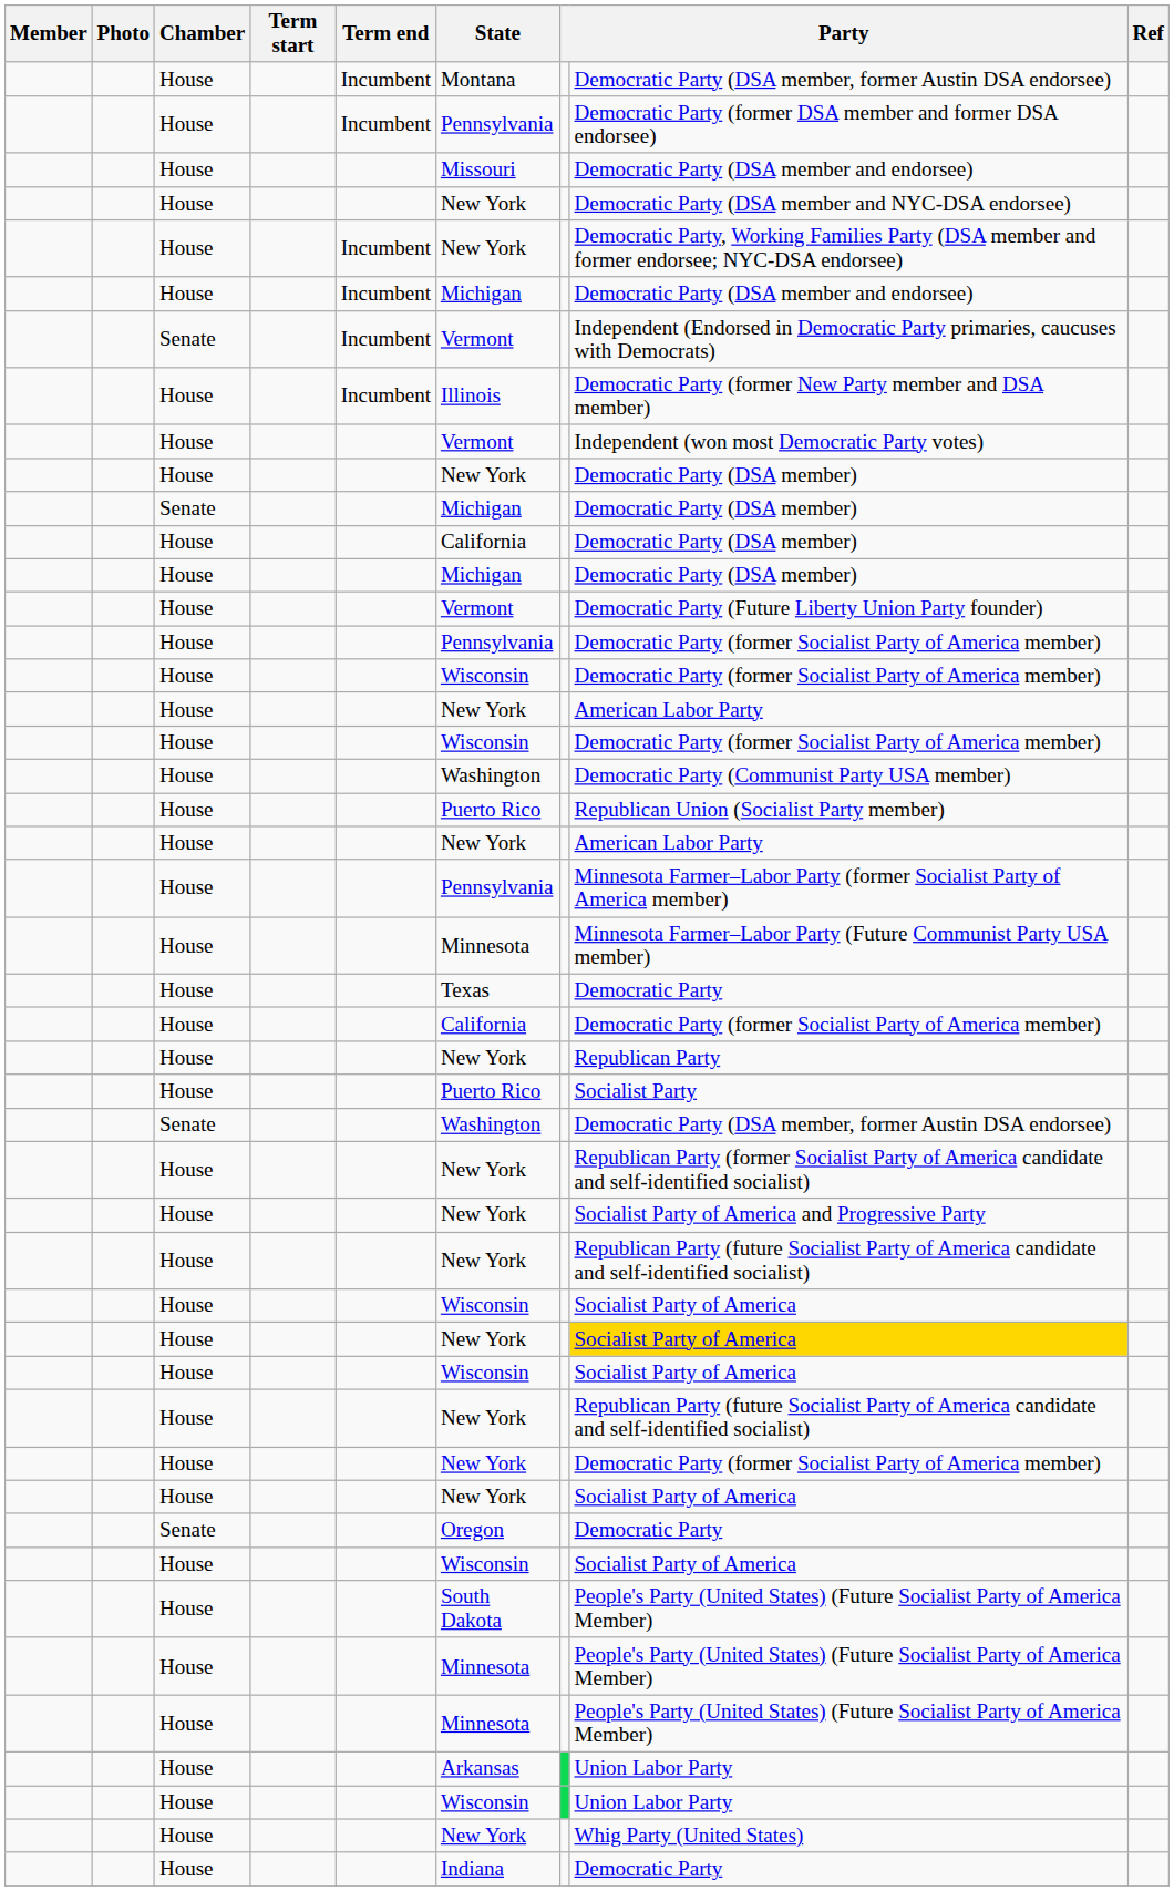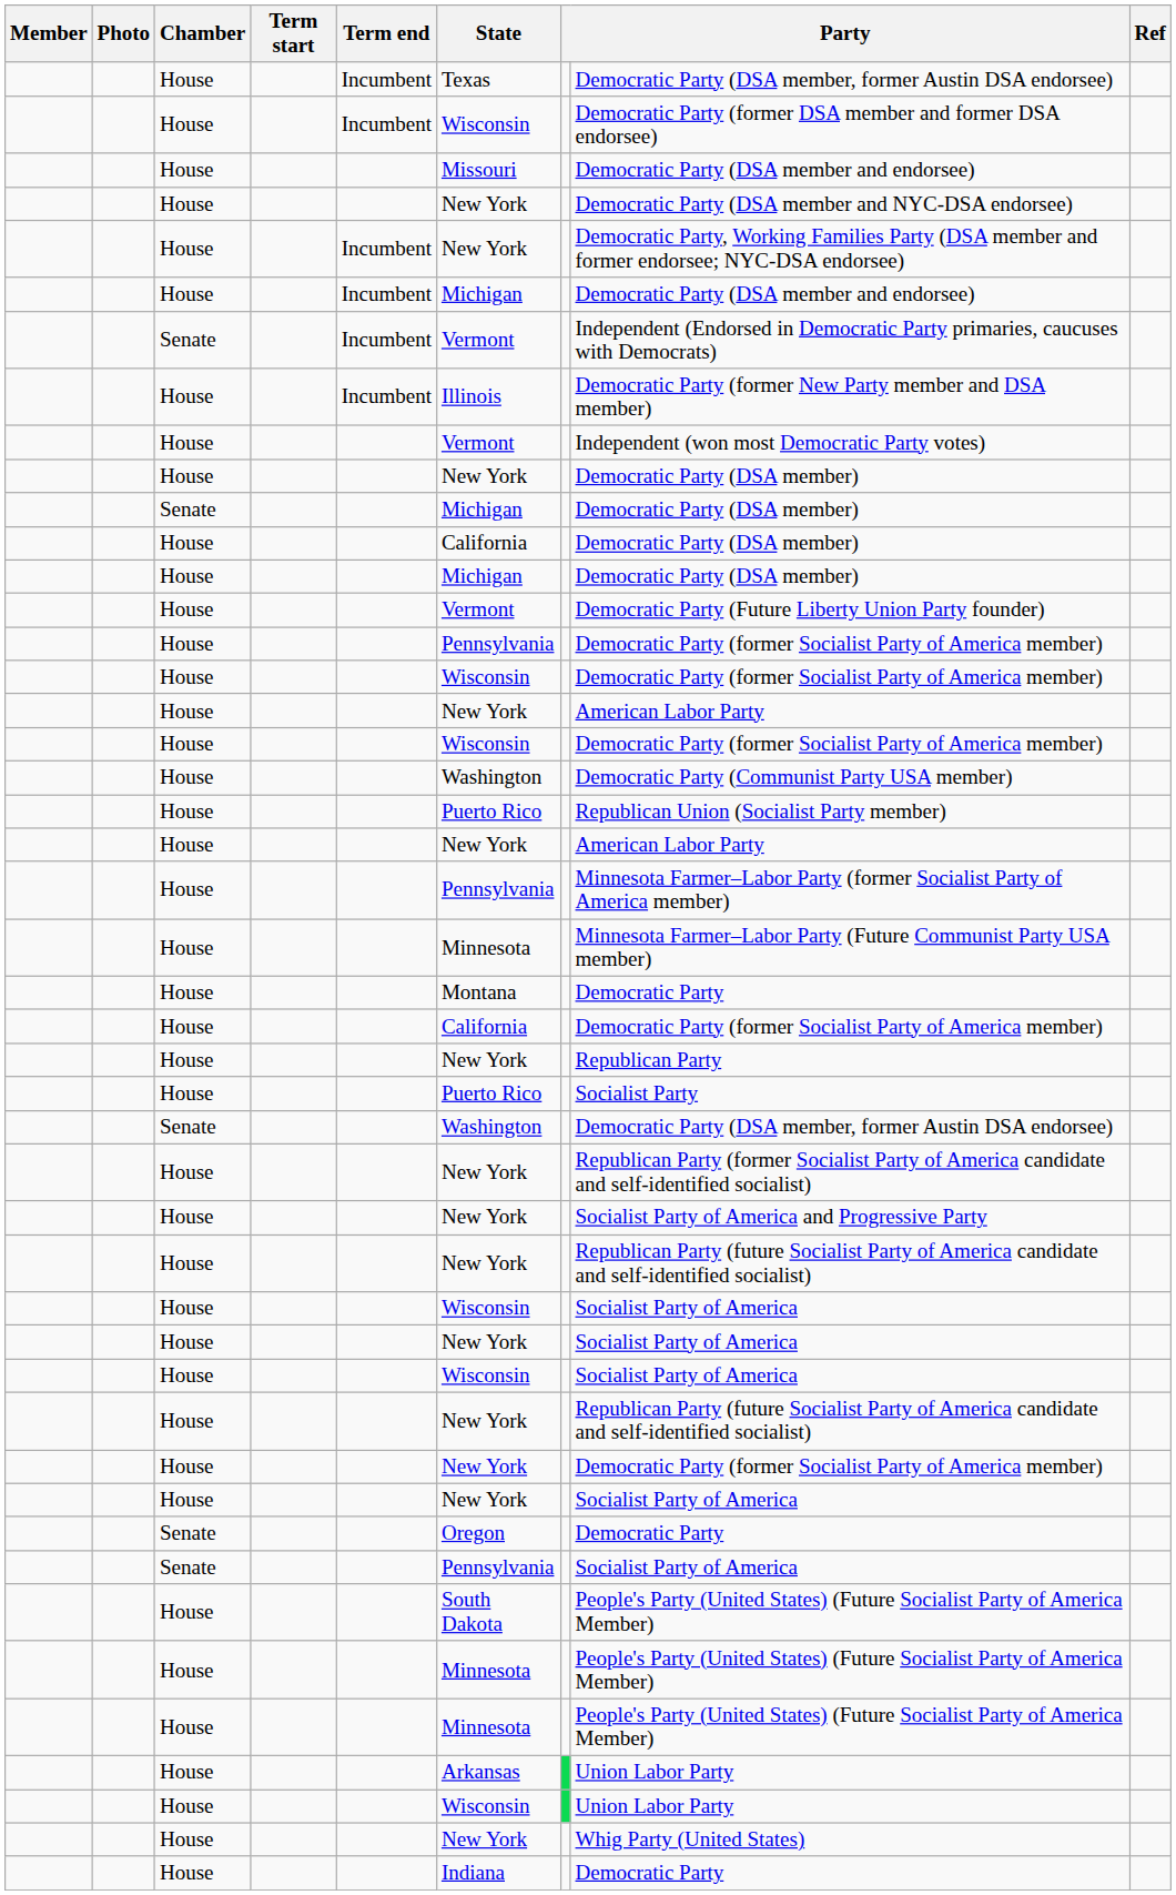 <table class="wikitable sortable" width=100%>
 <tr>
 <th>Member</th>
 <th class=unsortable cellspacing=0px>Photo</th>
 <th>Chamber</th>
 <th>Term start</th>
 <th>Term end</th>
 <th>State</th>
 <th scope="col" colspan=2>Party</th>
 <th>Ref</th>
 </tr>
 <tr>
 <td></td>
 <td></td>
 <td>House</td>
 <td></td>
 <td>Incumbent</td>
-<td>Montana</td>
+<td>Texas</td>
 <td style="background-color:"></td>
 <td><a href='#'>Democratic Party</a> (<a href='#'>DSA</a> member, former Austin DSA endorsee)</td>
 <td></td>
 </tr>
 <tr>
 <td></td>
 <td></td>
 <td>House</td>
 <td></td>
 <td>Incumbent</td>
-<td><a href='#'>Pennsylvania</a></td>
+<td><a href='#'>Wisconsin</a></td>
 <td style="background-color:"></td>
 <td><a href='#'>Democratic Party</a> (former <a href='#'>DSA</a> member and former DSA endorsee)</td>
 <td></td>
 </tr>
 <tr>
 <td></td>
 <td></td>
 <td>House</td>
 <td></td>
 <td></td>
 <td><a href='#'>Missouri</a></td>
 <td style="background-color:"></td>
 <td><a href='#'>Democratic Party</a> (<a href='#'>DSA</a> member and endorsee)</td>
 <td></td>
 </tr>
 <tr>
 <td></td>
 <td></td>
 <td>House</td>
 <td></td>
 <td></td>
 <td>New York</td>
 <td style="background-color:"></td>
 <td><a href='#'>Democratic Party</a> (<a href='#'>DSA</a> member and NYC-DSA endorsee)</td>
 <td></td>
 </tr>
 <tr>
 <td></td>
 <td></td>
 <td>House</td>
 <td></td>
 <td>Incumbent</td>
 <td>New York</td>
 <td style="background-color:"></td>
 <td><a href='#'>Democratic Party</a>, <a href='#'>Working Families Party</a> (<a href='#'>DSA</a> member and former endorsee; NYC-DSA endorsee)</td>
 <td></td>
 </tr>
 <tr>
 <td></td>
 <td></td>
 <td>House</td>
 <td></td>
 <td>Incumbent</td>
 <td><a href='#'>Michigan</a></td>
 <td style="background-color:"></td>
 <td><a href='#'>Democratic Party</a> (<a href='#'>DSA</a> member and endorsee)</td>
 <td></td>
 </tr>
 <tr>
 <td></td>
 <td></td>
 <td>Senate</td>
 <td></td>
 <td>Incumbent</td>
 <td><a href='#'>Vermont</a></td>
 <td style="background-color:"></td>
 <td>Independent (Endorsed in <a href='#'>Democratic Party</a> primaries, caucuses with Democrats)</td>
 <td></td>
 </tr>
 <tr>
 <td></td>
 <td></td>
 <td>House</td>
 <td></td>
 <td>Incumbent</td>
 <td><a href='#'>Illinois</a></td>
 <td style="background-color:"></td>
 <td><a href='#'>Democratic Party</a> (former <a href='#'>New Party</a> member and <a href='#'>DSA</a> member)</td>
 <td></td>
 </tr>
 <tr>
 <td></td>
 <td></td>
 <td>House</td>
 <td></td>
 <td></td>
 <td><a href='#'>Vermont</a></td>
 <td style="background-color:"></td>
 <td>Independent (won most <a href='#'>Democratic Party</a> votes)</td>
 <td></td>
 </tr>
 <tr>
 <td></td>
 <td></td>
 <td>House</td>
 <td></td>
 <td></td>
 <td>New York</td>
 <td style="background-color:"></td>
 <td><a href='#'>Democratic Party</a> (<a href='#'>DSA</a> member)</td>
 <td></td>
 </tr>
 <tr>
 <td></td>
 <td></td>
 <td>Senate</td>
 <td></td>
 <td></td>
 <td><a href='#'>Michigan</a></td>
 <td style="background-color:"></td>
 <td><a href='#'>Democratic Party</a> (<a href='#'>DSA</a> member)</td>
 <td></td>
 </tr>
 <tr>
 <td></td>
 <td></td>
 <td>House</td>
 <td></td>
 <td></td>
 <td>California</td>
 <td style="background-color:"></td>
 <td><a href='#'>Democratic Party</a> (<a href='#'>DSA</a> member)</td>
 <td></td>
 </tr>
 <tr>
 <td></td>
 <td></td>
 <td>House</td>
 <td></td>
 <td></td>
 <td><a href='#'>Michigan</a></td>
 <td style="background-color:"></td>
 <td><a href='#'>Democratic Party</a> (<a href='#'>DSA</a> member)</td>
 <td></td>
 </tr>
 <tr>
 <td></td>
 <td></td>
 <td>House</td>
 <td></td>
 <td></td>
 <td><a href='#'>Vermont</a></td>
 <td style="background-color:"></td>
 <td><a href='#'>Democratic Party</a> (Future <a href='#'>Liberty Union Party</a> founder)</td>
 <td></td>
 </tr>
 <tr>
 <td></td>
 <td></td>
 <td>House</td>
 <td></td>
 <td></td>
 <td><a href='#'>Pennsylvania</a></td>
 <td style="background-color:"></td>
 <td><a href='#'>Democratic Party</a> (former <a href='#'>Socialist Party of America</a> member)</td>
 <td></td>
 </tr>
 <tr>
 <td></td>
 <td></td>
 <td>House</td>
 <td></td>
 <td></td>
 <td><a href='#'>Wisconsin</a></td>
 <td style="background-color:"></td>
 <td><a href='#'>Democratic Party</a> (former <a href='#'>Socialist Party of America</a> member)</td>
 <td></td>
 </tr>
 <tr>
 <td></td>
 <td></td>
 <td>House</td>
 <td></td>
 <td></td>
 <td>New York</td>
 <td style="background-color:"></td>
 <td><a href='#'>American Labor Party</a></td>
 <td></td>
 </tr>
 <tr>
 <td></td>
 <td></td>
 <td>House</td>
 <td></td>
 <td></td>
 <td><a href='#'>Wisconsin</a></td>
 <td style="background-color:"></td>
 <td><a href='#'>Democratic Party</a> (former <a href='#'>Socialist Party of America</a> member)</td>
 <td></td>
 </tr>
 <tr>
 <td></td>
 <td></td>
 <td>House</td>
 <td></td>
 <td></td>
 <td>Washington</td>
 <td style="background-color:"></td>
 <td><a href='#'>Democratic Party</a> (<a href='#'>Communist Party USA</a> member)</td>
 <td></td>
 </tr>
 <tr>
 <td></td>
 <td></td>
 <td>House</td>
 <td></td>
 <td></td>
 <td><a href='#'>Puerto Rico</a></td>
 <td></td>
 <td><a href='#'>Republican Union</a> (<a href='#'>Socialist Party</a> member)</td>
 <td></td>
 </tr>
 <tr>
 <td></td>
 <td></td>
 <td>House</td>
 <td></td>
 <td></td>
 <td>New York</td>
 <td style="background-color:"></td>
 <td><a href='#'>American Labor Party</a></td>
 <td></td>
 </tr>
 <tr>
 <td></td>
 <td></td>
 <td>House</td>
 <td></td>
 <td></td>
 <td><a href='#'>Pennsylvania</a></td>
 <td style="background-color:"></td>
 <td><a href='#'>Minnesota Farmer–Labor Party</a> (former <a href='#'>Socialist Party of America</a> member)</td>
 <td></td>
 </tr>
 <tr>
 <td></td>
 <td></td>
 <td>House</td>
 <td></td>
 <td></td>
 <td>Minnesota</td>
 <td style="background-color:"></td>
 <td><a href='#'>Minnesota Farmer–Labor Party</a> (Future <a href='#'>Communist Party USA</a> member)</td>
 <td></td>
 </tr>
 <tr>
 <td></td>
 <td></td>
 <td>House</td>
 <td></td>
 <td></td>
-<td>Texas</td>
+<td>Montana</td>
 <td style="background-color:"></td>
 <td><a href='#'>Democratic Party</a></td>
 <td></td>
 </tr>
 <tr>
 <td></td>
 <td></td>
 <td>House</td>
 <td></td>
 <td></td>
 <td><a href='#'>California</a></td>
 <td style="background-color:"></td>
 <td><a href='#'>Democratic Party</a> (former <a href='#'>Socialist Party of America</a> member)</td>
 <td></td>
 </tr>
 <tr>
 <td></td>
 <td></td>
 <td>House</td>
 <td></td>
 <td></td>
 <td>New York</td>
 <td style="background-color:"></td>
 <td><a href='#'>Republican Party</a></td>
 <td></td>
 </tr>
 <tr>
 <td></td>
 <td></td>
 <td>House</td>
 <td></td>
 <td></td>
 <td><a href='#'>Puerto Rico</a></td>
 <td></td>
 <td><a href='#'>Socialist Party</a></td>
 <td></td>
 </tr>
 <tr>
 <td></td>
 <td></td>
 <td>Senate</td>
 <td></td>
 <td></td>
 <td><a href='#'>Washington</a></td>
 <td style="background-color:"></td>
 <td><a href='#'>Democratic Party</a> (<a href='#'>DSA</a> member, former Austin DSA endorsee)</td>
 <td></td>
 </tr>
 <tr>
 <td></td>
 <td></td>
 <td>House</td>
 <td></td>
 <td></td>
 <td>New York</td>
 <td style="background-color:"></td>
 <td><a href='#'>Republican Party</a> (former <a href='#'>Socialist Party of America</a> candidate and self-identified socialist)</td>
 <td></td>
 </tr>
 <tr>
 <td></td>
 <td></td>
 <td>House</td>
 <td></td>
 <td></td>
 <td>New York</td>
 <td style="background-color:"></td>
 <td><a href='#'>Socialist Party of America</a> and <a href='#'>Progressive Party</a></td>
 <td></td>
 </tr>
 <tr>
 <td></td>
 <td></td>
 <td>House</td>
 <td></td>
 <td></td>
 <td>New York</td>
 <td style="background-color:"></td>
 <td><a href='#'>Republican Party</a> (future <a href='#'>Socialist Party of America</a> candidate and self-identified socialist)</td>
 <td></td>
 </tr>
 <tr>
 <td></td>
 <td></td>
 <td>House</td>
 <td></td>
 <td></td>
 <td><a href='#'>Wisconsin</a></td>
 <td style="background-color:"></td>
 <td><a href='#'>Socialist Party of America</a></td>
 <td></td>
 </tr>
 <tr>
 <td></td>
 <td></td>
 <td>House</td>
 <td></td>
 <td></td>
 <td>New York</td>
 <td style="background-color:"></td>
-<td style="background: gold;"><a href='#'>Socialist Party of America</a></td>
+<td><a href='#'>Socialist Party of America</a></td>
 <td></td>
 </tr>
 <tr>
 <td></td>
 <td></td>
 <td>House</td>
 <td></td>
 <td></td>
 <td><a href='#'>Wisconsin</a></td>
 <td style="background-color:"></td>
 <td><a href='#'>Socialist Party of America</a></td>
 <td></td>
 </tr>
 <tr>
 <td></td>
 <td></td>
 <td>House</td>
 <td></td>
 <td></td>
 <td>New York</td>
 <td style="background-color:"></td>
 <td><a href='#'>Republican Party</a> (future <a href='#'>Socialist Party of America</a> candidate and self-identified socialist)</td>
 <td></td>
 </tr>
 <tr>
 <td></td>
 <td></td>
 <td>House</td>
 <td></td>
 <td></td>
 <td><a href='#'>New York</a></td>
 <td style="background-color:"></td>
 <td><a href='#'>Democratic Party</a> (former <a href='#'>Socialist Party of America</a> member)</td>
 <td></td>
 </tr>
 <tr>
 <td></td>
 <td></td>
 <td>House</td>
 <td></td>
 <td></td>
 <td>New York</td>
 <td style="background-color:"></td>
 <td><a href='#'>Socialist Party of America</a></td>
 <td></td>
 </tr>
 <tr>
 <td></td>
 <td></td>
 <td>Senate</td>
 <td></td>
 <td></td>
 <td><a href='#'>Oregon</a></td>
 <td style="background-color:"></td>
 <td><a href='#'>Democratic Party</a></td>
 <td></td>
 </tr>
 <tr>
 <td></td>
 <td></td>
-<td>House</td>
+<td>Senate</td>
 <td></td>
 <td></td>
-<td><a href='#'>Wisconsin</a></td>
+<td><a href='#'>Pennsylvania</a></td>
 <td style="background-color:"></td>
 <td><a href='#'>Socialist Party of America</a></td>
 <td></td>
 </tr>
 <tr>
 <td></td>
 <td></td>
 <td>House</td>
 <td></td>
 <td></td>
 <td><a href='#'>South Dakota</a></td>
 <td style="background-color:"></td>
 <td><a href='#'>People's Party (United States)</a> (Future <a href='#'>Socialist Party of America</a> Member)</td>
 <td></td>
 </tr>
 <tr>
 <td></td>
 <td></td>
 <td>House</td>
 <td></td>
 <td></td>
 <td><a href='#'>Minnesota</a></td>
 <td style="background-color:"></td>
 <td><a href='#'>People's Party (United States)</a> (Future <a href='#'>Socialist Party of America</a> Member)</td>
 <td></td>
 </tr>
 <tr>
 <td></td>
 <td></td>
 <td>House</td>
 <td></td>
 <td></td>
 <td><a href='#'>Minnesota</a></td>
 <td style="background-color:"></td>
 <td><a href='#'>People's Party (United States)</a> (Future <a href='#'>Socialist Party of America</a> Member)</td>
 <td></td>
 </tr>
 <tr>
 <td></td>
 <td></td>
 <td>House</td>
 <td></td>
 <td></td>
 <td><a href='#'>Arkansas</a></td>
 <td style="background-color:#0BDA51"></td>
 <td><a href='#'>Union Labor Party</a></td>
 <td></td>
 </tr>
 <tr>
 <td></td>
 <td></td>
 <td>House</td>
 <td></td>
 <td></td>
 <td><a href='#'>Wisconsin</a></td>
 <td style="background-color:#0BDA51"></td>
 <td><a href='#'>Union Labor Party</a></td>
 <td></td>
 </tr>
 <tr>
 <td></td>
 <td></td>
 <td>House</td>
 <td></td>
 <td></td>
 <td><a href='#'>New York</a></td>
 <td></td>
 <td><a href='#'>Whig Party (United States)</a></td>
 <td></td>
 </tr>
 <tr>
 <td></td>
 <td></td>
 <td>House</td>
 <td></td>
 <td></td>
 <td><a href='#'>Indiana</a></td>
 <td style="background-color:"></td>
 <td><a href='#'>Democratic Party</a></td>
 <td></td>
 </tr>
 </table>
